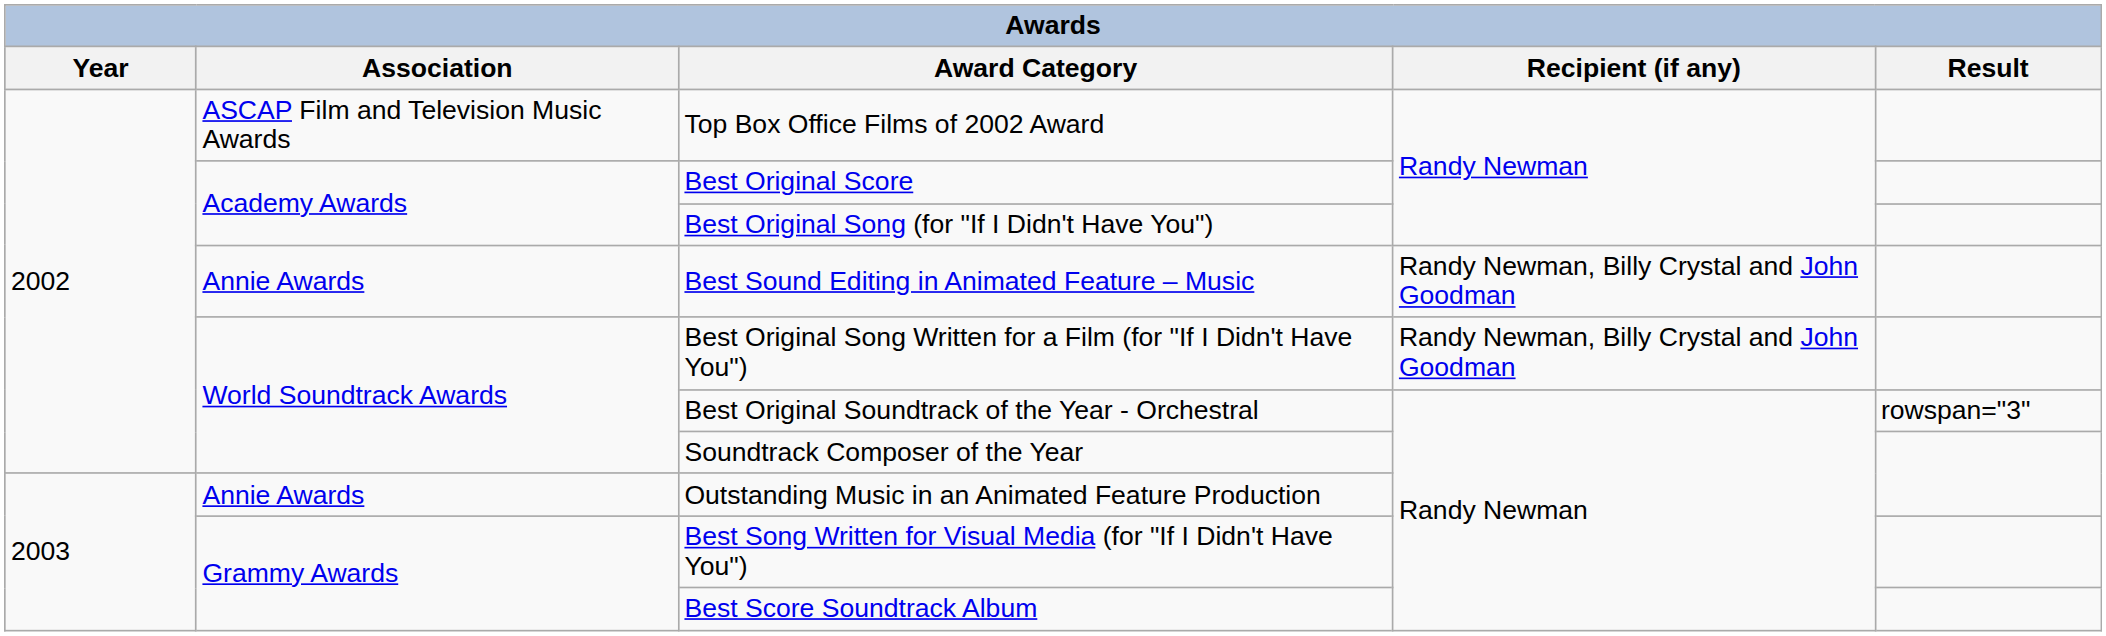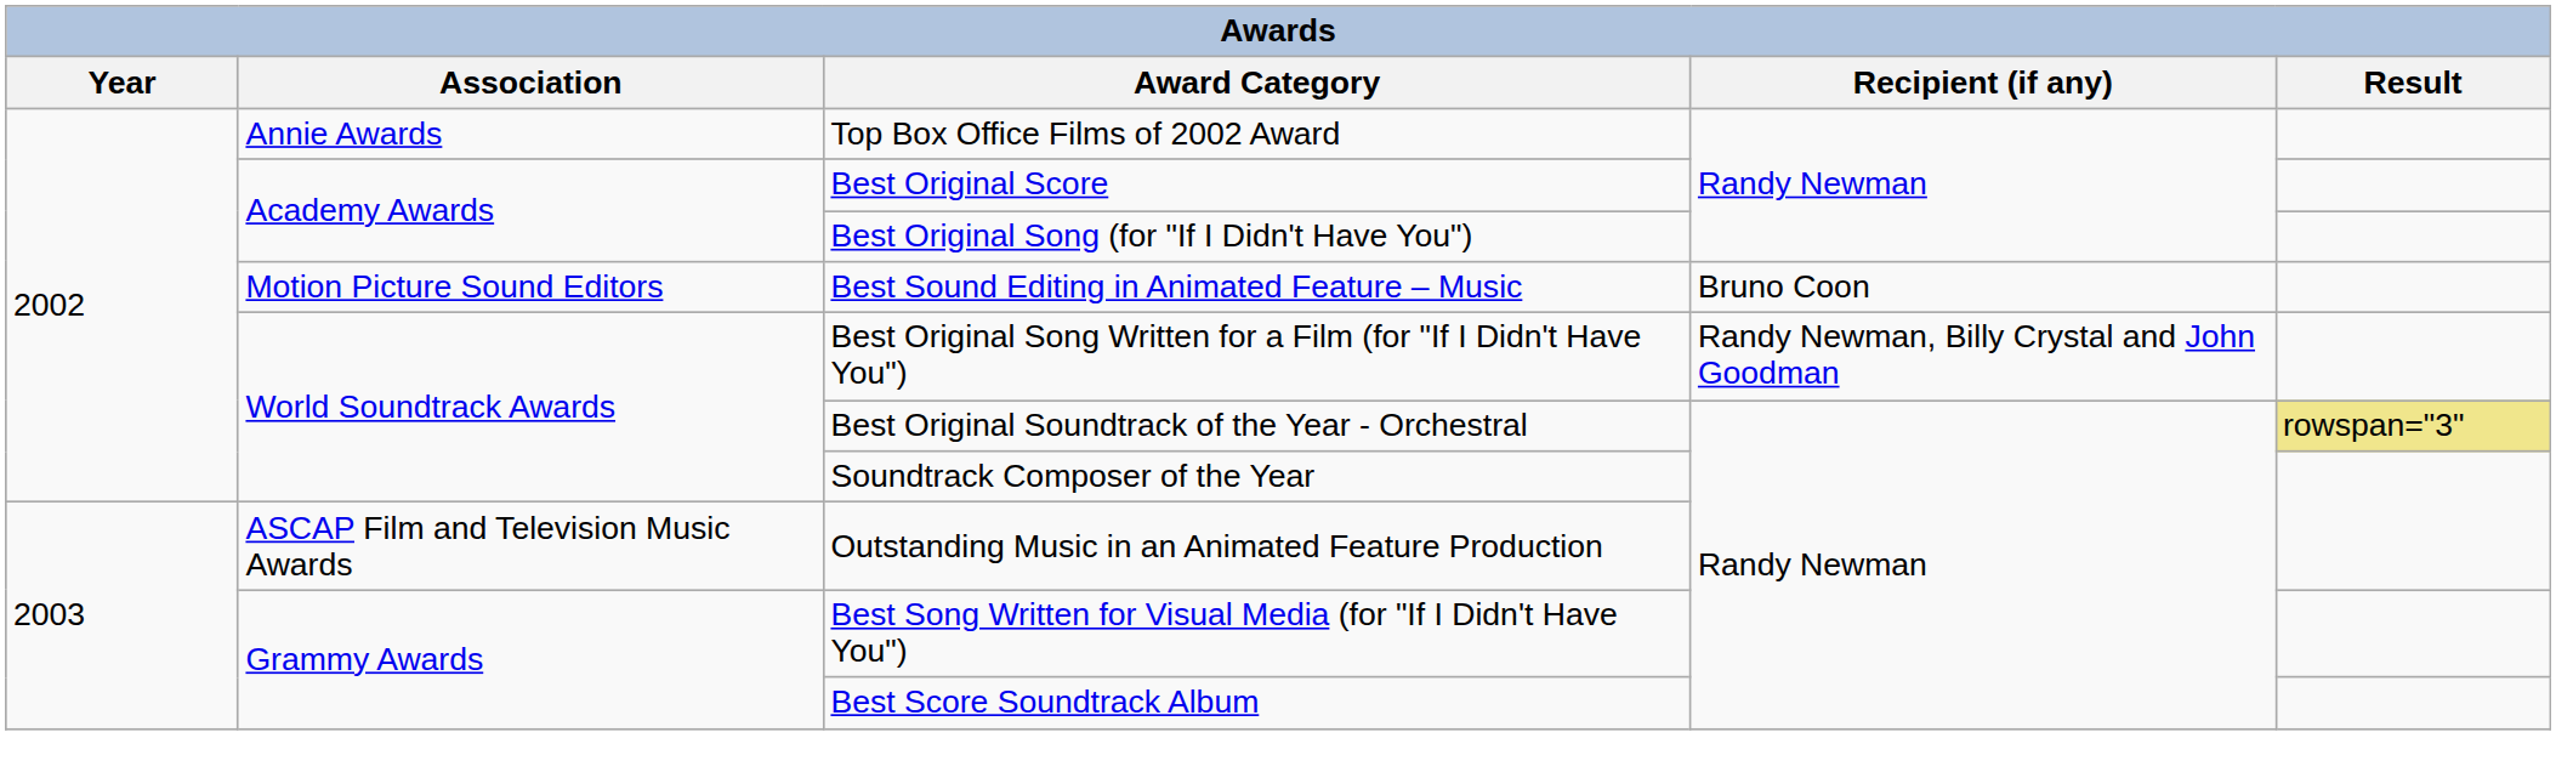 <table class="wikitable sortable" style="width:100%;">
 <tr>
 <th colspan="5" style="background: LightSteelBlue;">Awards</th>
 </tr>
 <tr style="background:#ccc; text-align:center;">
 <th width="75"><strong>Year</strong></th>
 <th width="200"><strong>Association</strong></th>
 <th width="300"><strong>Award Category</strong></th>
 <th width="200"><strong>Recipient (if any)</strong></th>
 <th width="80"><strong>Result</strong></th>
 </tr>
 <tr>
 <td rowspan="7">2002</td>
-<td><a href='#'>ASCAP</a> Film and Television Music Awards</td>
+<td><a href='#'>Annie Awards</a></td>
 <td>Top Box Office Films of 2002 Award</td>
 <td rowspan="3"><a href='#'>Randy Newman</a></td>
 <td></td>
 </tr>
 <tr>
 <td rowspan="2"><a href='#'>Academy Awards</a></td>
 <td><a href='#'>Best Original Score</a></td>
 <td></td>
 </tr>
 <tr>
 <td><a href='#'>Best Original Song</a> (for "If I Didn't Have You")</td>
 <td></td>
 </tr>
 <tr>
-<td><a href='#'>Annie Awards</a></td>
+<td><a href='#'>Motion Picture Sound Editors</a></td>
 <td><a href='#'>Best Sound Editing in Animated Feature – Music</a></td>
-<td>Randy Newman, Billy Crystal and <a href='#'>John Goodman</a></td>
+<td Bruno Coon>Bruno Coon</td>
 <td></td>
 </tr>
 <tr>
 <td rowspan="3"><a href='#'>World Soundtrack Awards</a></td>
 <td>Best Original Song Written for a Film (for "If I Didn't Have You")</td>
 <td>Randy Newman, Billy Crystal and <a href='#'>John Goodman</a></td>
 <td></td>
 </tr>
 <tr>
 <td>Best Original Soundtrack of the Year - Orchestral</td>
 <td rowspan="5">Randy Newman</td>
-<td>rowspan="3" </td>
+<td style="background: khaki;">rowspan="3" </td>
 </tr>
 <tr>
 <td>Soundtrack Composer of the Year</td>
 </tr>
 <tr>
 <td rowspan="3">2003</td>
-<td><a href='#'>Annie Awards</a></td>
+<td><a href='#'>ASCAP</a> Film and Television Music Awards</td>
 <td>Outstanding Music in an Animated Feature Production</td>
 </tr>
 <tr>
 <td rowspan="2"><a href='#'>Grammy Awards</a></td>
 <td><a href='#'>Best Song Written for Visual Media</a> (for "If I Didn't Have You")</td>
 <td></td>
 </tr>
 <tr>
 <td><a href='#'>Best Score Soundtrack Album</a></td>
 <td></td>
 </tr>
 </table>
